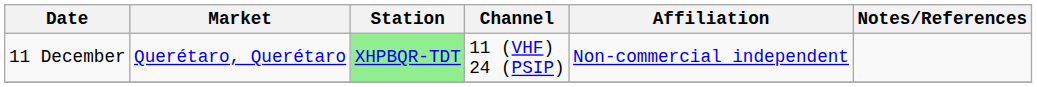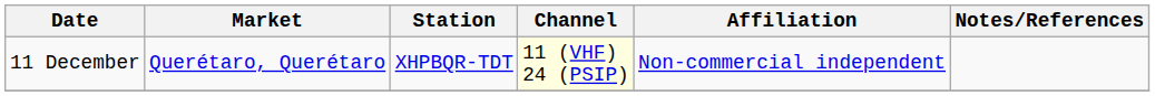 <table class="wikitable">
 <tr>
 <th>Date</th>
 <th>Market</th>
 <th>Station</th>
 <th>Channel</th>
 <th>Affiliation</th>
 <th>Notes/References</th>
 </tr>
 <tr>
 <td>11 December</td>
 <td><a href='#'>Querétaro, Querétaro</a></td>
-<td style="background: lightgreen;"><a href='#'>XHPBQR-TDT</a></td>
-<td>11 (<a href='#'>VHF</a>) <br>24 (<a href='#'>PSIP</a>)</td>
+<td><a href='#'>XHPBQR-TDT</a></td>
+<td style="background: lightyellow;">11 (<a href='#'>VHF</a>) <br>24 (<a href='#'>PSIP</a>)</td>
 <td><a href='#'>Non-commercial independent</a></td>
 <td></td>
 </tr>
 <tr>
 </tr>
 </table>
